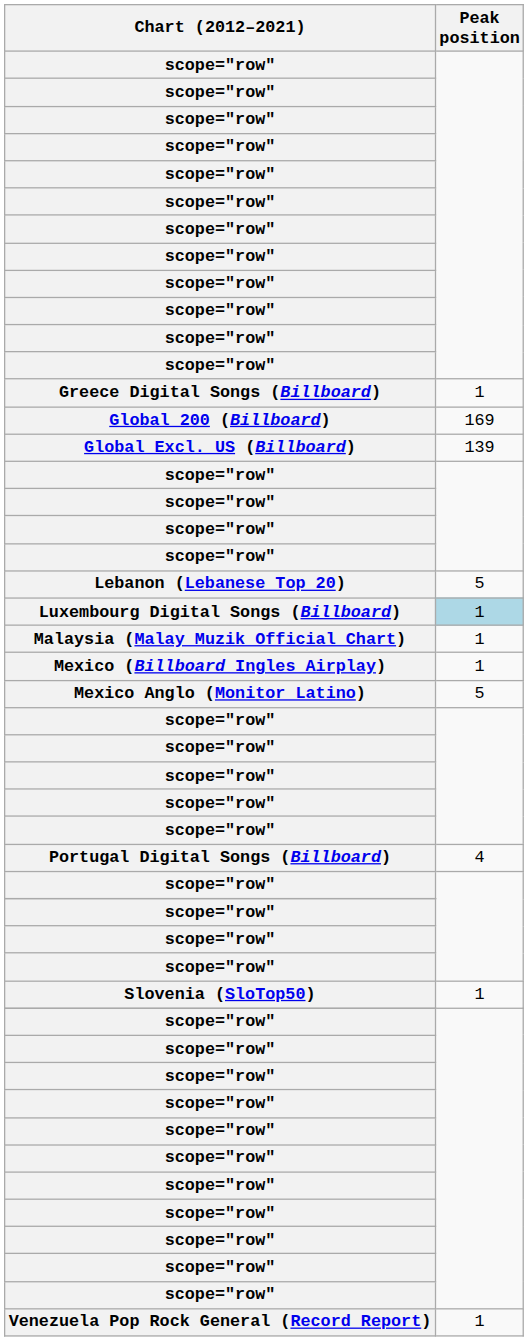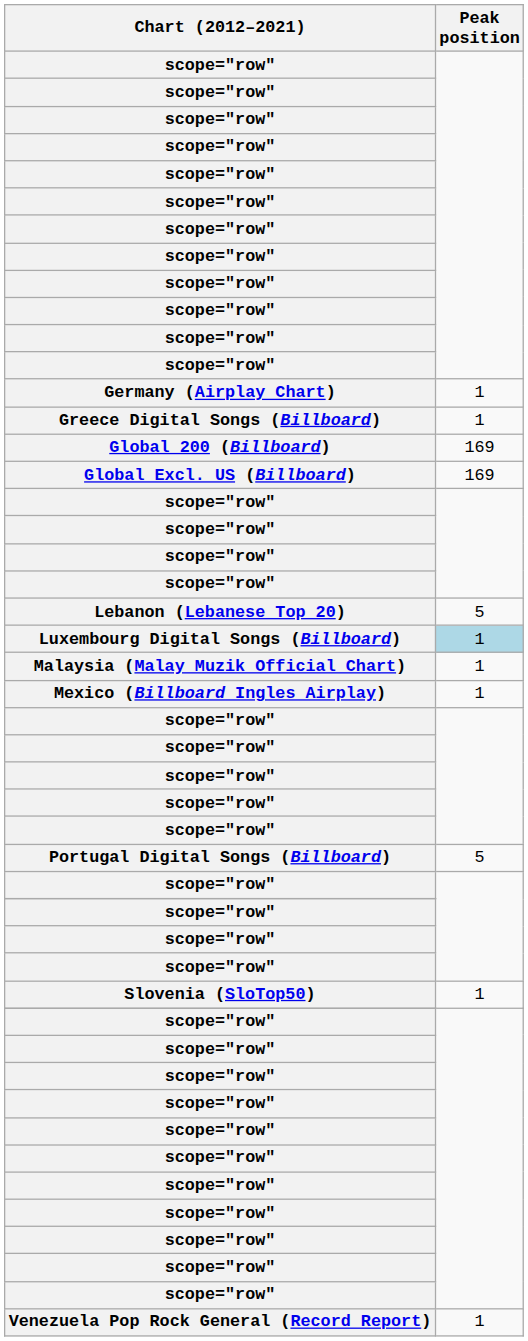 <table class="wikitable sortable plainrowheaders" style="text-align:center">
 <tr>
 <th>Chart (2012–2021)</th>
 <th>Peak<br>position</th>
 </tr>
 <tr>
 <th>scope="row" </th>
 </tr>
 <tr>
 <th>scope="row" </th>
 </tr>
 <tr>
 <th>scope="row" </th>
 </tr>
 <tr>
 <th>scope="row" </th>
 </tr>
 <tr>
 <th>scope="row" </th>
 </tr>
 <tr>
 <th>scope="row" </th>
 </tr>
 <tr>
 <th>scope="row" </th>
 </tr>
 <tr>
 <th>scope="row" </th>
 </tr>
 <tr>
 <th>scope="row" </th>
 </tr>
 <tr>
 <th>scope="row" </th>
 </tr>
 <tr>
 <th>scope="row" </th>
 </tr>
 <tr>
 <th>scope="row" </th>
 </tr>
 <tr>
+<th scope="row">Germany (<a href='#'>Airplay Chart</a>)</th>
+<td style="text-align:center;">1</td>
+</tr>
+<tr>
 <th scope="row">Greece Digital Songs (<em><a href='#'>Billboard</a></em>)</th>
 <td style="text-align:center;">1</td>
 </tr>
 <tr>
 <th scope="row"><a href='#'>Global 200</a> (<em><a href='#'>Billboard</a></em>)</th>
 <td>169</td>
 </tr>
 <tr>
 <th scope="row"><a href='#'>Global Excl. US</a> (<em><a href='#'>Billboard</a></em>)</th>
-<td>139</td>
+<td>169</td>
 </tr>
 <tr>
 <th>scope="row" </th>
 </tr>
 <tr>
 <th>scope="row" </th>
 </tr>
 <tr>
 <th>scope="row" </th>
 </tr>
 <tr>
 <th>scope="row"</th>
 </tr>
 <tr>
 <th scope="row">Lebanon (<a href='#'>Lebanese Top 20</a>)</th>
 <td style="text-align:center;">5</td>
 </tr>
 <tr>
 <th scope="row">Luxembourg Digital Songs (<em><a href='#'>Billboard</a></em>)</th>
 <td style="background: lightblue; text-align:center;">1</td>
 </tr>
 <tr>
 <th scope="row">Malaysia (<a href='#'>Malay Muzik Official Chart</a>)</th>
 <td style="text-align:center;">1</td>
 </tr>
 <tr>
 <th scope="row">Mexico (<a href='#'><em>Billboard</em> Ingles Airplay</a>)</th>
 <td style="text-align:center;">1</td>
 </tr>
 <tr>
-<th scope="row">Mexico Anglo (<a href='#'>Monitor Latino</a>)</th>
-<td style="text-align:center;">5</td>
-</tr>
-<tr>
 <th>scope="row" </th>
 </tr>
 <tr>
 <th>scope="row" </th>
 </tr>
 <tr>
 <th>scope="row" </th>
 </tr>
 <tr>
 <th>scope="row" </th>
 </tr>
 <tr>
 <th>scope="row" </th>
 </tr>
 <tr>
 <th scope="row">Portugal Digital Songs (<em><a href='#'>Billboard</a></em>)</th>
-<td style="text-align:center;">4</td>
+<td style="text-align:center;">5</td>
 </tr>
 <tr>
 <th>scope="row"</th>
 </tr>
 <tr>
 </tr>
 <tr>
 <th>scope="row" </th>
 </tr>
 <tr>
 <th>scope="row" </th>
 </tr>
 <tr>
 <th>scope="row" </th>
 </tr>
 <tr>
 <th scope="row">Slovenia (<a href='#'>SloTop50</a>)</th>
 <td align=center>1</td>
 </tr>
 <tr>
 </tr>
 <tr>
 <th>scope="row" </th>
 </tr>
 <tr>
 <th>scope="row" </th>
 </tr>
 <tr>
 <th>scope="row" </th>
 </tr>
 <tr>
 <th>scope="row" </th>
 </tr>
 <tr>
 <th>scope="row" </th>
 </tr>
 <tr>
 <th>scope="row" </th>
 </tr>
 <tr>
 <th>scope="row" </th>
 </tr>
 <tr>
 <th>scope="row" </th>
 </tr>
 <tr>
 <th>scope="row" </th>
 </tr>
 <tr>
 <th>scope="row" </th>
 </tr>
 <tr>
 <th>scope="row" </th>
 </tr>
 <tr>
 <th scope="row">Venezuela Pop Rock General (<a href='#'>Record Report</a>)</th>
 <td style="text-align:center;">1</td>
 </tr>
 </table>
